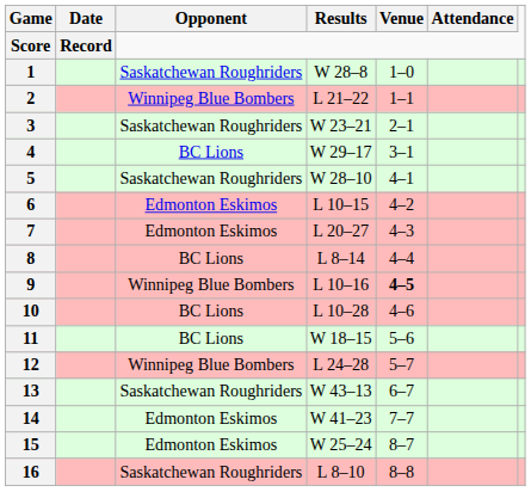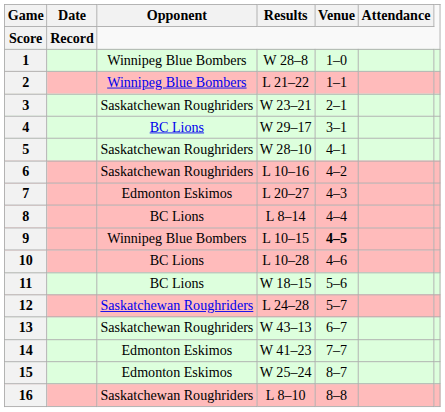 <table class="wikitable" style="text-align:center">
 <tr>
 <th>Game</th>
 <th>Date</th>
 <th>Opponent</th>
 <th>Results</th>
 <th>Venue</th>
 <th>Attendance</th>
 </tr>
 <tr>
 <th>Score</th>
 <th>Record</th>
 </tr>
 <tr style="background:#ddffdd">
 <th>1</th>
 <td></td>
-<td><a href='#'>Saskatchewan Roughriders</a></td>
+<td>Winnipeg Blue Bombers</td>
 <td>W 28–8</td>
 <td>1–0</td>
 <td></td>
 <td></td>
 </tr>
 <tr style="background:#ffbbbb">
 <th>2</th>
 <td></td>
 <td><a href='#'>Winnipeg Blue Bombers</a></td>
 <td>L 21–22</td>
 <td>1–1</td>
 <td></td>
 <td></td>
 </tr>
 <tr style="background:#ddffdd">
 <th>3</th>
 <td></td>
 <td>Saskatchewan Roughriders</td>
 <td>W 23–21</td>
 <td>2–1</td>
 <td></td>
 <td></td>
 </tr>
 <tr style="background:#ddffdd">
 <th>4</th>
 <td></td>
 <td><a href='#'>BC Lions</a></td>
 <td>W 29–17</td>
 <td>3–1</td>
 <td></td>
 <td></td>
 </tr>
 <tr style="background:#ddffdd">
 <th>5</th>
 <td></td>
 <td>Saskatchewan Roughriders</td>
 <td>W 28–10</td>
 <td>4–1</td>
 <td></td>
 <td></td>
 </tr>
 <tr style="background:#ffbbbb">
 <th>6</th>
 <td></td>
-<td><a href='#'>Edmonton Eskimos</a></td>
-<td>L 10–15</td>
+<td>Saskatchewan Roughriders</td>
+<td>L 10–16</td>
 <td>4–2</td>
 <td></td>
 <td></td>
 </tr>
 <tr style="background:#ffbbbb">
 <th>7</th>
 <td></td>
 <td>Edmonton Eskimos</td>
 <td>L 20–27</td>
 <td>4–3</td>
 <td></td>
 <td></td>
 </tr>
 <tr style="background:#ffbbbb">
 <th>8</th>
 <td></td>
 <td>BC Lions</td>
 <td>L 8–14</td>
 <td>4–4</td>
 <td></td>
 <td></td>
 </tr>
 <tr style="background:#ffbbbb">
 <th>9</th>
 <td></td>
 <td>Winnipeg Blue Bombers</td>
-<td>L 10–16</td>
+<td>L 10–15</td>
 <td><strong>4–5</strong></td>
 <td></td>
 <td></td>
 </tr>
 <tr style="background:#ffbbbb">
 <th>10</th>
 <td></td>
 <td>BC Lions</td>
 <td>L 10–28</td>
 <td>4–6</td>
 <td></td>
 <td></td>
 </tr>
 <tr style="background:#ddffdd">
 <th>11</th>
 <td></td>
 <td>BC Lions</td>
 <td>W 18–15</td>
 <td>5–6</td>
 <td></td>
 <td></td>
 </tr>
 <tr style="background:#ffbbbb">
 <th>12</th>
 <td></td>
-<td>Winnipeg Blue Bombers</td>
+<td><a href='#'>Saskatchewan Roughriders</a></td>
 <td>L 24–28</td>
 <td>5–7</td>
 <td></td>
 <td></td>
 </tr>
 <tr style="background:#ddffdd">
 <th>13</th>
 <td></td>
 <td>Saskatchewan Roughriders</td>
 <td>W 43–13</td>
 <td>6–7</td>
 <td></td>
 <td></td>
 </tr>
 <tr style="background:#ddffdd">
 <th>14</th>
 <td></td>
 <td>Edmonton Eskimos</td>
 <td>W 41–23</td>
 <td>7–7</td>
 <td></td>
 <td></td>
 </tr>
 <tr style="background:#ddffdd">
 <th>15</th>
 <td></td>
 <td>Edmonton Eskimos</td>
 <td>W 25–24</td>
 <td>8–7</td>
 <td></td>
 <td></td>
 </tr>
 <tr style="background:#ffbbbb">
 <th>16</th>
 <td></td>
 <td>Saskatchewan Roughriders</td>
 <td>L 8–10</td>
 <td>8–8</td>
 <td></td>
 <td></td>
 </tr>
 </table>
